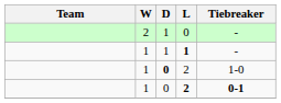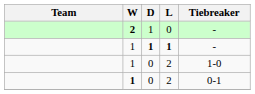 <table class=wikitable style=text-align:center>
 <tr>
 <th width=170>Team</th>
 <th width=20>W</th>
 <th width=20>D</th>
 <th width=20>L</th>
 <th width=100>Tiebreaker</th>
 </tr>
 <tr bgcolor=#ccffcc>
 <td align=left></td>
-<td>2</td>
+<td><strong>2</strong></td>
 <td>1</td>
 <td>0</td>
 <td>-</td>
 </tr>
 <tr>
 <td align=left></td>
 <td>1</td>
-<td>1</td>
+<td><strong>1</strong></td>
 <td><strong>1</strong></td>
 <td>-</td>
 </tr>
 <tr>
 <td align=left></td>
 <td>1</td>
-<td><strong>0</strong></td>
+<td>0</td>
 <td>2</td>
 <td>1-0</td>
 </tr>
 <tr>
 <td align=left></td>
-<td>1</td>
+<td><strong>1</strong></td>
 <td>0</td>
-<td><strong>2</strong></td>
-<td><strong>0-1</strong></td>
+<td>2</td>
+<td>0-1</td>
 </tr>
 <tr>
 </tr>
 </table>
